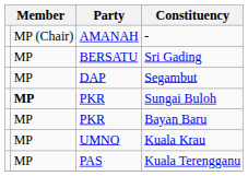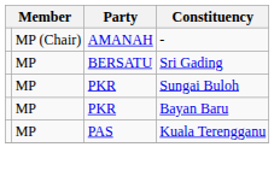 <table class="sortable wikitable">
 <tr>
 <th colspan="2" valign="top">Member</th>
 <th valign="top">Party</th>
 <th valign="top">Constituency</th>
 </tr>
 <tr>
 <td></td>
 <td> MP (Chair)</td>
 <td><a href='#'>AMANAH</a></td>
 <td>-</td>
 </tr>
 <tr>
 <td></td>
 <td> MP</td>
 <td><a href='#'>BERSATU</a></td>
 <td><a href='#'>Sri Gading</a></td>
 </tr>
 <tr>
 <td></td>
 <td> MP</td>
-<td><a href='#'>DAP</a></td>
-<td><a href='#'>Segambut</a></td>
-</tr>
-<tr>
-<td></td>
-<td><strong> MP</strong></td>
 <td><a href='#'>PKR</a></td>
 <td><a href='#'>Sungai Buloh</a></td>
 </tr>
 <tr>
 <td></td>
 <td> MP</td>
 <td><a href='#'>PKR</a></td>
 <td><a href='#'>Bayan Baru</a></td>
 </tr>
 <tr>
 <td></td>
 <td> MP</td>
-<td><a href='#'>UMNO</a></td>
-<td><a href='#'>Kuala Krau</a></td>
-</tr>
-<tr>
-<td></td>
-<td> MP</td>
 <td><a href='#'>PAS</a></td>
 <td><a href='#'>Kuala Terengganu</a></td>
 </tr>
 <tr>
 </tr>
 </table>
